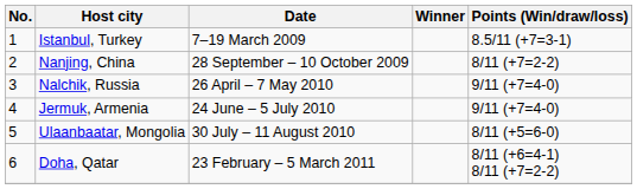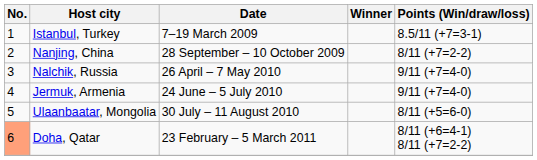 <table class="wikitable">
 <tr>
 <th>No.</th>
 <th>Host city</th>
 <th>Date</th>
 <th>Winner</th>
 <th>Points (Win/draw/loss)</th>
 </tr>
 <tr>
 <td>1</td>
 <td><a href='#'>Istanbul</a>, Turkey</td>
 <td>7–19 March 2009</td>
 <td></td>
 <td>8.5/11 (+7=3-1)</td>
 </tr>
 <tr>
 <td>2</td>
 <td><a href='#'>Nanjing</a>, China</td>
 <td>28 September – 10 October 2009</td>
 <td></td>
 <td>8/11 (+7=2-2)</td>
 </tr>
 <tr>
 <td>3</td>
 <td><a href='#'>Nalchik</a>, Russia</td>
 <td>26 April – 7 May 2010</td>
 <td></td>
 <td>9/11 (+7=4-0)</td>
 </tr>
 <tr>
 <td>4</td>
 <td><a href='#'>Jermuk</a>, Armenia</td>
 <td>24 June – 5 July 2010</td>
 <td></td>
 <td>9/11 (+7=4-0)</td>
 </tr>
 <tr>
 <td>5</td>
 <td><a href='#'>Ulaanbaatar</a>, Mongolia</td>
 <td>30 July – 11 August 2010</td>
 <td></td>
 <td>8/11 (+5=6-0)</td>
 </tr>
 <tr>
-<td>6</td>
+<td style="background: lightsalmon;">6</td>
 <td><a href='#'>Doha</a>, Qatar</td>
 <td>23 February – 5 March 2011</td>
 <td><br> </td>
 <td>8/11 (+6=4-1)<br> 8/11 (+7=2-2)</td>
 </tr>
 <tr>
 </tr>
 </table>
